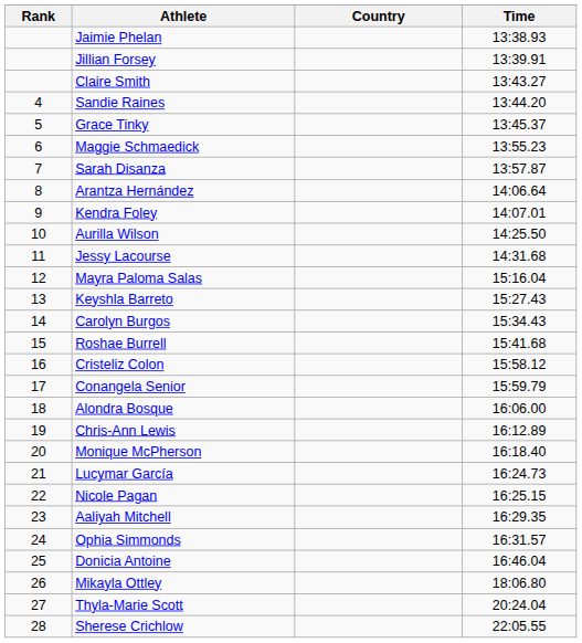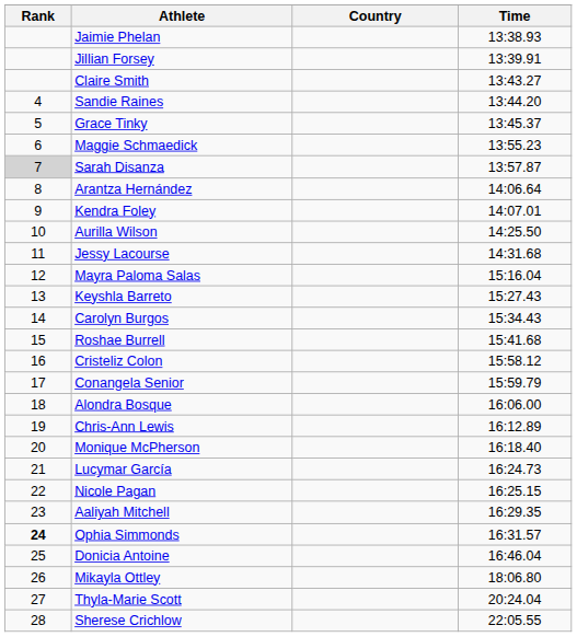 <table class="wikitable sortable" style=" text-align:center; font-size:95%;" width="50%">
 <tr>
 </tr>
 <tr>
 <th width=5%>Rank</th>
 <th width=20%>Athlete</th>
 <th width=15%>Country</th>
 <th width=10%>Time</th>
 </tr>
 <tr>
 <td align=center></td>
 <td align=left><a href='#'>Jaimie Phelan</a></td>
 <td align=left></td>
 <td>13:38.93</td>
 </tr>
 <tr>
 <td align=center></td>
 <td align=left><a href='#'>Jillian Forsey</a></td>
 <td align=left></td>
 <td>13:39.91</td>
 </tr>
 <tr>
 <td align=center></td>
 <td align=left><a href='#'>Claire Smith</a></td>
 <td align=left></td>
 <td>13:43.27</td>
 </tr>
 <tr>
 <td align=center>4</td>
 <td align=left><a href='#'>Sandie Raines</a></td>
 <td align=left></td>
 <td>13:44.20</td>
 </tr>
 <tr>
 <td align=center>5</td>
 <td align=left><a href='#'>Grace Tinky</a></td>
 <td align=left></td>
 <td>13:45.37</td>
 </tr>
 <tr>
 <td align=center>6</td>
 <td align=left><a href='#'>Maggie Schmaedick</a></td>
 <td align=left></td>
 <td>13:55.23</td>
 </tr>
 <tr>
-<td align=center>7</td>
+<td align=center style="background: lightgrey;">7</td>
 <td align=left><a href='#'>Sarah Disanza</a></td>
 <td align=left></td>
 <td>13:57.87</td>
 </tr>
 <tr>
 <td align=center>8</td>
 <td align=left><a href='#'>Arantza Hernández</a></td>
 <td align=left></td>
 <td>14:06.64</td>
 </tr>
 <tr>
 <td align=center>9</td>
 <td align=left><a href='#'>Kendra Foley</a></td>
 <td align=left></td>
 <td>14:07.01</td>
 </tr>
 <tr>
 <td align=center>10</td>
 <td align=left><a href='#'>Aurilla Wilson</a></td>
 <td align=left></td>
 <td>14:25.50</td>
 </tr>
 <tr>
 <td align=center>11</td>
 <td align=left><a href='#'>Jessy Lacourse</a></td>
 <td align=left></td>
 <td>14:31.68</td>
 </tr>
 <tr>
 <td align=center>12</td>
 <td align=left><a href='#'>Mayra Paloma Salas</a></td>
 <td align=left></td>
 <td>15:16.04</td>
 </tr>
 <tr>
 <td align=center>13</td>
 <td align=left><a href='#'>Keyshla Barreto</a></td>
 <td align=left></td>
 <td>15:27.43</td>
 </tr>
 <tr>
 <td align=center>14</td>
 <td align=left><a href='#'>Carolyn Burgos</a></td>
 <td align=left></td>
 <td>15:34.43</td>
 </tr>
 <tr>
 <td align=center>15</td>
 <td align=left><a href='#'>Roshae Burrell</a></td>
 <td align=left></td>
 <td>15:41.68</td>
 </tr>
 <tr>
 <td align=center>16</td>
 <td align=left><a href='#'>Cristeliz Colon</a></td>
 <td align=left></td>
 <td>15:58.12</td>
 </tr>
 <tr>
 <td align=center>17</td>
 <td align=left><a href='#'>Conangela Senior</a></td>
 <td align=left></td>
 <td>15:59.79</td>
 </tr>
 <tr>
 <td align=center>18</td>
 <td align=left><a href='#'>Alondra Bosque</a></td>
 <td align=left></td>
 <td>16:06.00</td>
 </tr>
 <tr>
 <td align=center>19</td>
 <td align=left><a href='#'>Chris-Ann Lewis</a></td>
 <td align=left></td>
 <td>16:12.89</td>
 </tr>
 <tr>
 <td align=center>20</td>
 <td align=left><a href='#'>Monique McPherson</a></td>
 <td align=left></td>
 <td>16:18.40</td>
 </tr>
 <tr>
 <td align=center>21</td>
 <td align=left><a href='#'>Lucymar García</a></td>
 <td align=left></td>
 <td>16:24.73</td>
 </tr>
 <tr>
 <td align=center>22</td>
 <td align=left><a href='#'>Nicole Pagan</a></td>
 <td align=left></td>
 <td>16:25.15</td>
 </tr>
 <tr>
 <td align=center>23</td>
 <td align=left><a href='#'>Aaliyah Mitchell</a></td>
 <td align=left></td>
 <td>16:29.35</td>
 </tr>
 <tr>
-<td align=center>24</td>
+<td align=center><strong>24</strong></td>
 <td align=left><a href='#'>Ophia Simmonds</a></td>
 <td align=left></td>
 <td>16:31.57</td>
 </tr>
 <tr>
 <td align=center>25</td>
 <td align=left><a href='#'>Donicia Antoine</a></td>
 <td align=left></td>
 <td>16:46.04</td>
 </tr>
 <tr>
 <td align=center>26</td>
 <td align=left><a href='#'>Mikayla Ottley</a></td>
 <td align=left></td>
 <td>18:06.80</td>
 </tr>
 <tr>
 <td align=center>27</td>
 <td align=left><a href='#'>Thyla-Marie Scott</a></td>
 <td align=left></td>
 <td>20:24.04</td>
 </tr>
 <tr>
 <td align=center>28</td>
 <td align=left><a href='#'>Sherese Crichlow</a></td>
 <td align=left></td>
 <td>22:05.55</td>
 </tr>
 </table>
